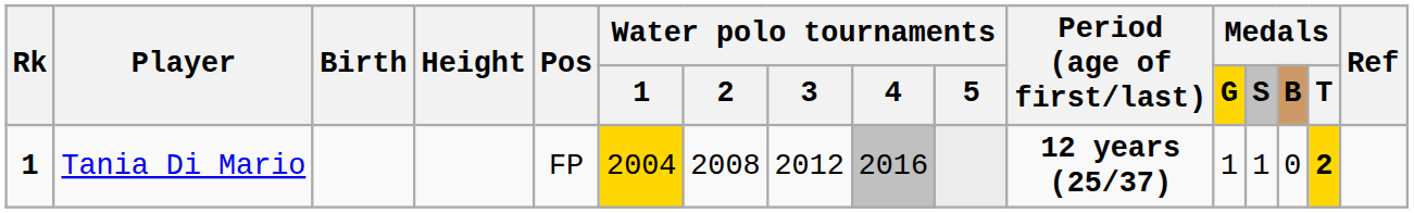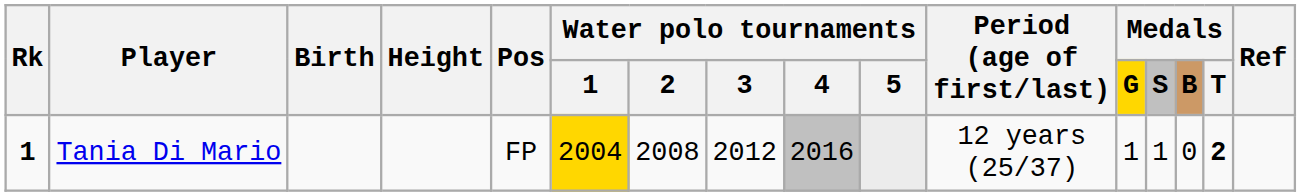 <table class="wikitable sortable" style="text-align: center; font-size: 90%; margin-left: 1em;">
 <tr>
 <th rowspan="2">Rk</th>
 <th rowspan="2">Player</th>
 <th rowspan="2">Birth</th>
 <th rowspan="2">Height</th>
 <th rowspan="2">Pos</th>
 <th colspan="5">Water polo tournaments</th>
 <th rowspan="2">Period<br>(age of<br>first/last)</th>
 <th colspan="4">Medals</th>
 <th rowspan="2" class="unsortable">Ref</th>
 </tr>
 <tr>
 <th>1</th>
 <th style="width: 2em;" class="unsortable">2</th>
 <th style="width: 2em;" class="unsortable">3</th>
 <th style="width: 2em;" class="unsortable">4</th>
 <th style="width: 2em;" class="unsortable">5</th>
 <th style="background-color: gold;">G</th>
 <th style="background-color: silver;">S</th>
 <th style="background-color: #cc9966;">B</th>
 <th>T</th>
 </tr>
 <tr>
 <td><strong>1</strong></td>
 <td style="text-align: left;" data-sort-value="Di Mario, Tania"><a href='#'>Tania Di Mario</a></td>
 <td></td>
 <td></td>
 <td>FP</td>
 <td style="background-color: gold;">2004</td>
 <td>2008</td>
 <td>2012</td>
 <td style="background-color: silver;">2016</td>
 <td style="background-color: #ececec;"></td>
-<td><strong>12 years<br>(25/37)</strong></td>
+<td>12 years<br>(25/37)</td>
 <td>1</td>
 <td>1</td>
 <td>0</td>
-<td style="background: gold;"><strong>2</strong></td>
+<td><strong>2</strong></td>
 <td></td>
 </tr>
 </table>
